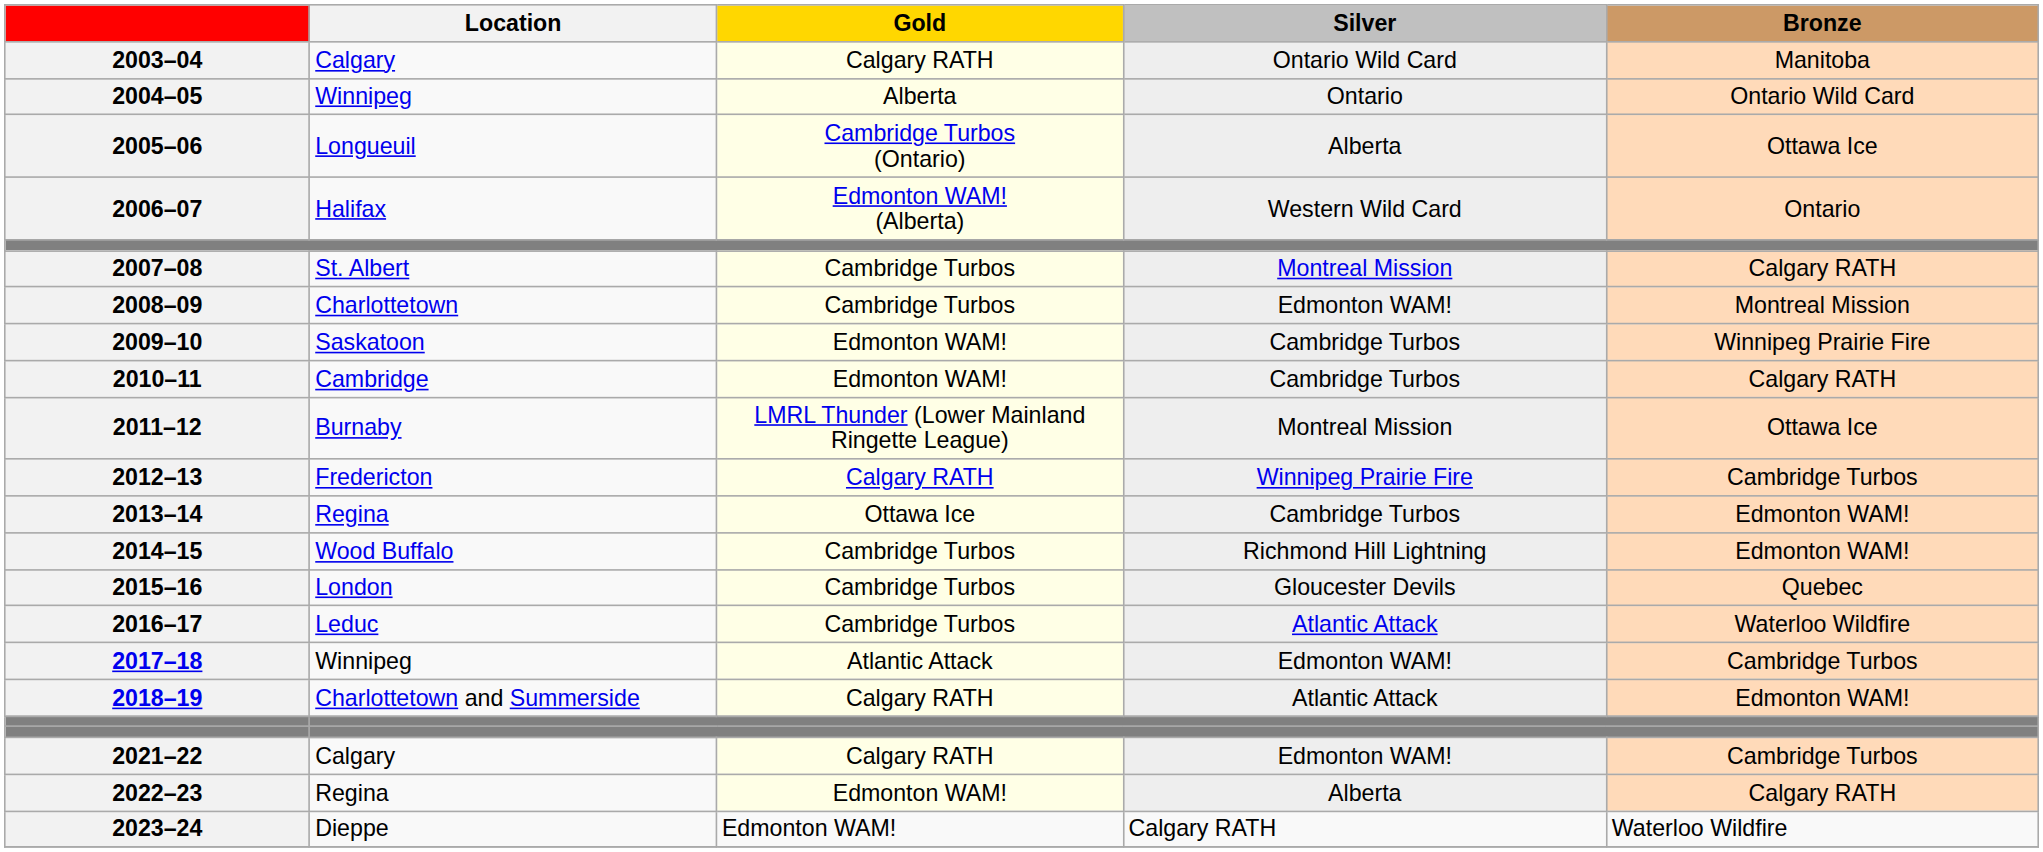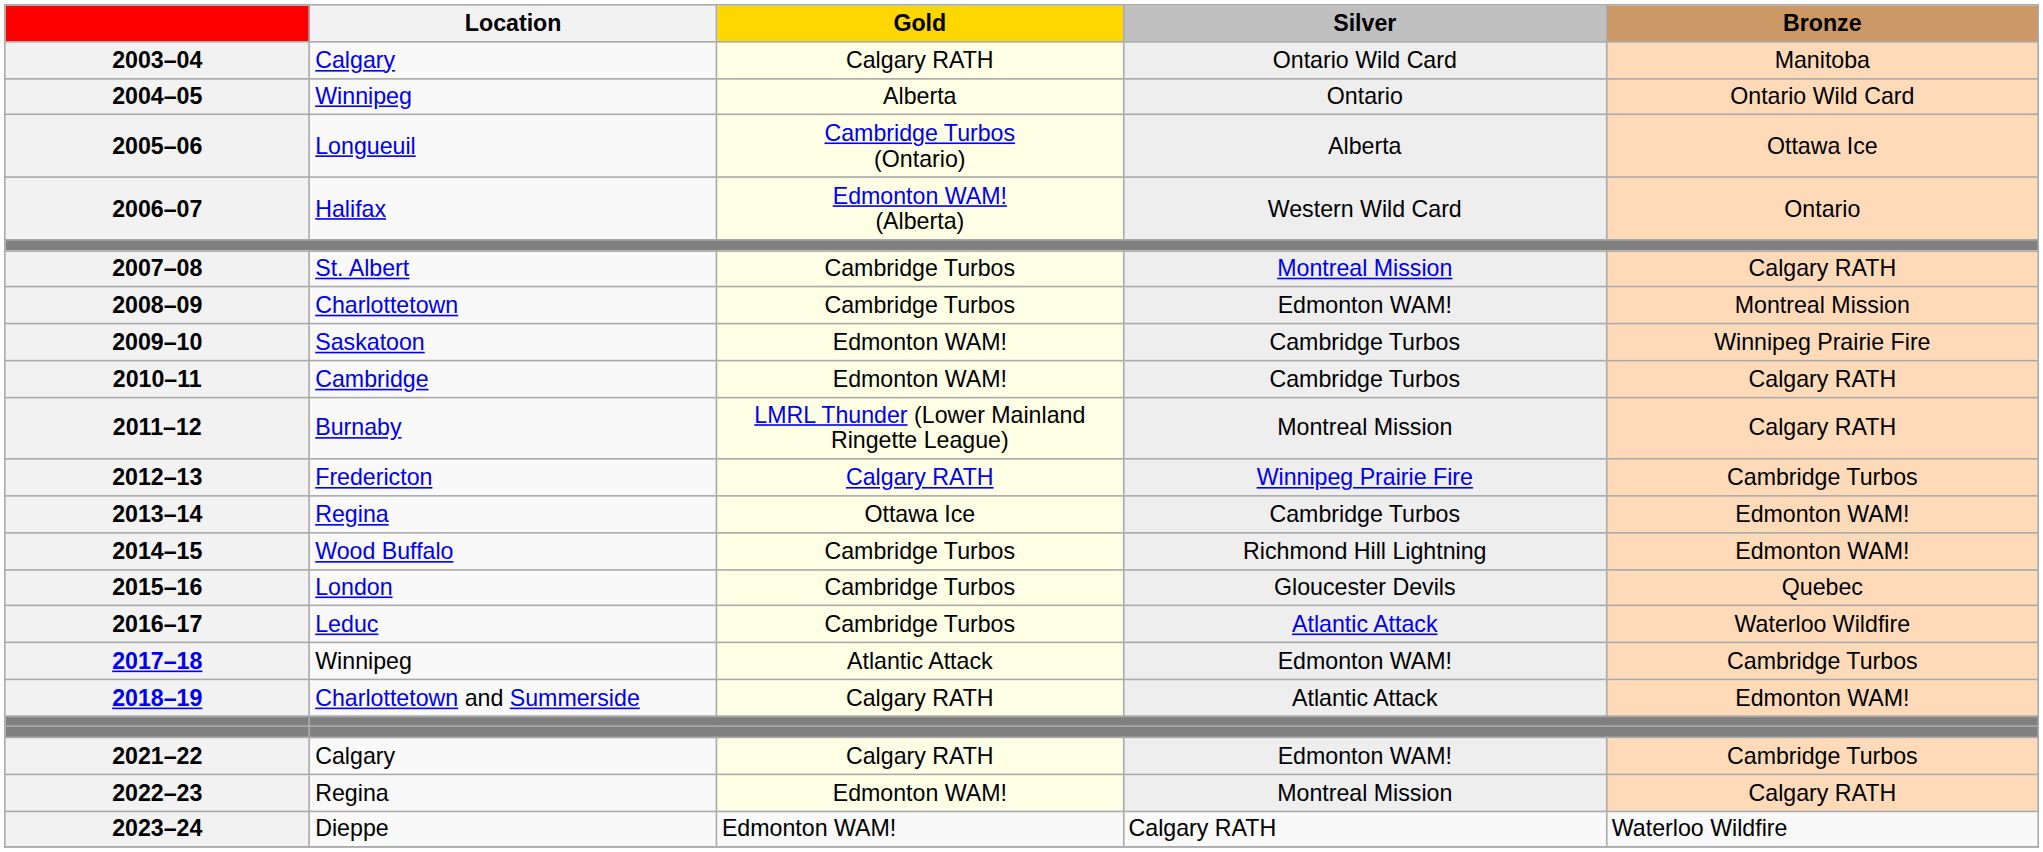 <table class=wikitable style="text-align:left; font-size:90%; width:100%;">
 <tr>
 <th width=15%; style="background:red"></th>
 <th width=20%;>Location</th>
 <th width=20%; style="background:gold">Gold</th>
 <th style="background:silver">Silver</th>
 <th style="background:#cc9966">Bronze</th>
 </tr>
 <tr>
 <th>2003–04<br></th>
 <td align=left> <a href='#'>Calgary</a></td>
 <td align=center style="background:#FFFFE6">Calgary RATH</td>
 <td align=center style="background:#eeeeee">Ontario Wild Card</td>
 <td align=center style="background:#ffdab9">Manitoba</td>
 </tr>
 <tr>
 <th>2004–05<br></th>
 <td align=left> <a href='#'>Winnipeg</a></td>
 <td align=center style="background:#FFFFE6">Alberta</td>
 <td align=center style="background:#eeeeee">Ontario</td>
 <td align=center style="background:#ffdab9">Ontario Wild Card</td>
 </tr>
 <tr>
 <th>2005–06<br></th>
 <td align=left> <a href='#'>Longueuil</a></td>
 <td align=center style="background:#FFFFE6"><a href='#'>Cambridge Turbos</a><br>(Ontario)</td>
 <td align=center style="background:#eeeeee">Alberta</td>
 <td align=center style="background:#ffdab9">Ottawa Ice</td>
 </tr>
 <tr>
 <th>2006–07<br></th>
 <td align=left> <a href='#'>Halifax</a></td>
 <td align=center style="background:#FFFFE6"><a href='#'>Edmonton WAM!</a><br>(Alberta)</td>
 <td align=center style="background:#eeeeee">Western Wild Card</td>
 <td align=center style="background:#ffdab9">Ontario</td>
 </tr>
 <tr>
 <th colspan=5; style="background:gray;"></th>
 </tr>
 <tr>
 <th>2007–08</th>
 <td align=left> <a href='#'>St. Albert</a></td>
 <td align=center style="background:#FFFFE6">Cambridge Turbos</td>
 <td align=center style="background:#eeeeee"><a href='#'>Montreal Mission</a></td>
 <td align=center style="background:#ffdab9">Calgary RATH</td>
 </tr>
 <tr>
 <th>2008–09</th>
 <td align=left> <a href='#'>Charlottetown</a></td>
 <td align=center style="background:#FFFFE6">Cambridge Turbos</td>
 <td align=center style="background:#eeeeee">Edmonton WAM!</td>
 <td align=center style="background:#ffdab9">Montreal Mission</td>
 </tr>
 <tr>
 <th>2009–10</th>
 <td align=left> <a href='#'>Saskatoon</a></td>
 <td align=center style="background:#FFFFE6">Edmonton WAM!</td>
 <td align=center style="background:#eeeeee">Cambridge Turbos</td>
 <td align=center style="background:#ffdab9">Winnipeg Prairie Fire</td>
 </tr>
 <tr>
 <th>2010–11</th>
 <td align=left> <a href='#'>Cambridge</a></td>
 <td align=center style="background:#FFFFE6">Edmonton WAM!</td>
 <td align=center style="background:#eeeeee">Cambridge Turbos</td>
 <td align=center style="background:#ffdab9">Calgary RATH</td>
 </tr>
 <tr>
 <th>2011–12</th>
 <td align=left> <a href='#'>Burnaby</a></td>
 <td align=center style="background:#FFFFE6"><a href='#'>LMRL Thunder</a> (Lower Mainland Ringette League)</td>
 <td align=center style="background:#eeeeee">Montreal Mission</td>
-<td align=center style="background:#ffdab9">Ottawa Ice</td>
+<td align=center style="background:#ffdab9">Calgary RATH</td>
 </tr>
 <tr>
 <th>2012–13</th>
 <td align=left> <a href='#'>Fredericton</a></td>
 <td align=center style="background:#FFFFE6"><a href='#'>Calgary RATH</a></td>
 <td align=center style="background:#eeeeee"><a href='#'>Winnipeg Prairie Fire</a></td>
 <td align=center style="background:#ffdab9">Cambridge Turbos</td>
 </tr>
 <tr>
 <th>2013–14</th>
 <td align=left> <a href='#'>Regina</a></td>
 <td align=center style="background:#FFFFE6">Ottawa Ice</td>
 <td align=center style="background:#eeeeee">Cambridge Turbos</td>
 <td align=center style="background:#ffdab9">Edmonton WAM!</td>
 </tr>
 <tr>
 <th>2014–15</th>
 <td align=left> <a href='#'>Wood Buffalo</a></td>
 <td align=center style="background:#FFFFE6">Cambridge Turbos</td>
 <td align=center style="background:#eeeeee">Richmond Hill Lightning</td>
 <td align=center style="background:#ffdab9">Edmonton WAM!</td>
 </tr>
 <tr>
 <th>2015–16</th>
 <td align=left> <a href='#'>London</a></td>
 <td align=center style="background:#FFFFE6">Cambridge Turbos</td>
 <td align=center style="background:#eeeeee">Gloucester Devils</td>
 <td align=center style="background:#ffdab9">Quebec</td>
 </tr>
 <tr>
 <th>2016–17</th>
 <td align=left> <a href='#'>Leduc</a></td>
 <td align=center style="background:#FFFFE6">Cambridge Turbos</td>
 <td align=center style="background:#eeeeee"><a href='#'>Atlantic Attack</a></td>
 <td align=center style="background:#ffdab9">Waterloo Wildfire</td>
 </tr>
 <tr>
 <th><a href='#'>2017–18</a></th>
 <td align=left> Winnipeg</td>
 <td align=center style="background:#FFFFE6">Atlantic Attack</td>
 <td align=center style="background:#eeeeee">Edmonton WAM!</td>
 <td align=center style="background:#ffdab9">Cambridge Turbos</td>
 </tr>
 <tr>
 <th><a href='#'>2018–19</a></th>
 <td align=left> <a href='#'>Charlottetown</a> and <a href='#'>Summerside</a></td>
 <td align=center style="background:#FFFFE6">Calgary RATH</td>
 <td align=center style="background:#eeeeee">Atlantic Attack</td>
 <td align=center style="background:#ffdab9">Edmonton WAM!</td>
 </tr>
 <tr>
 <th style="background:gray"></th>
 <th colspan=4; style="background:gray;"></th>
 </tr>
 <tr>
 <th style="background:gray"></th>
 <th align=center colspan=4; style="background:gray;"></th>
 </tr>
 <tr>
 <th>2021–22</th>
 <td align=left> Calgary</td>
 <td align=center style="background:#FFFFE6">Calgary RATH</td>
 <td align=center style="background:#eeeeee">Edmonton WAM!</td>
 <td align=center style="background:#ffdab9">Cambridge Turbos</td>
 </tr>
 <tr>
 <th>2022–23</th>
 <td align=left> Regina</td>
 <td align=center style="background:#FFFFE6">Edmonton WAM!</td>
-<td align=center style="background:#eeeeee">Alberta</td>
+<td align=center style="background:#eeeeee">Montreal Mission</td>
 <td align=center style="background:#ffdab9">Calgary RATH</td>
 </tr>
 <tr>
 <th>2023–24</th>
 <td> Dieppe</td>
 <td>Edmonton WAM!</td>
 <td>Calgary RATH</td>
 <td>Waterloo Wildfire</td>
 </tr>
 <tr>
 </tr>
 </table>
